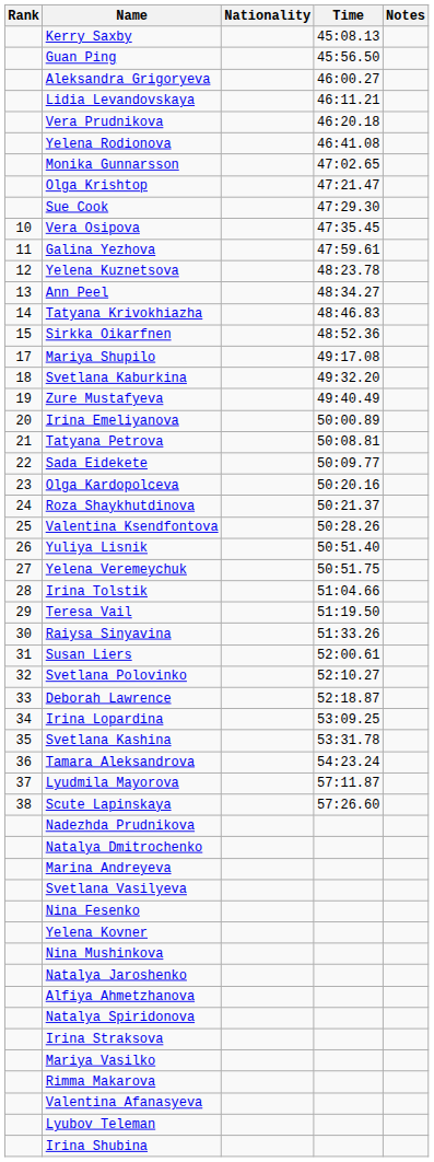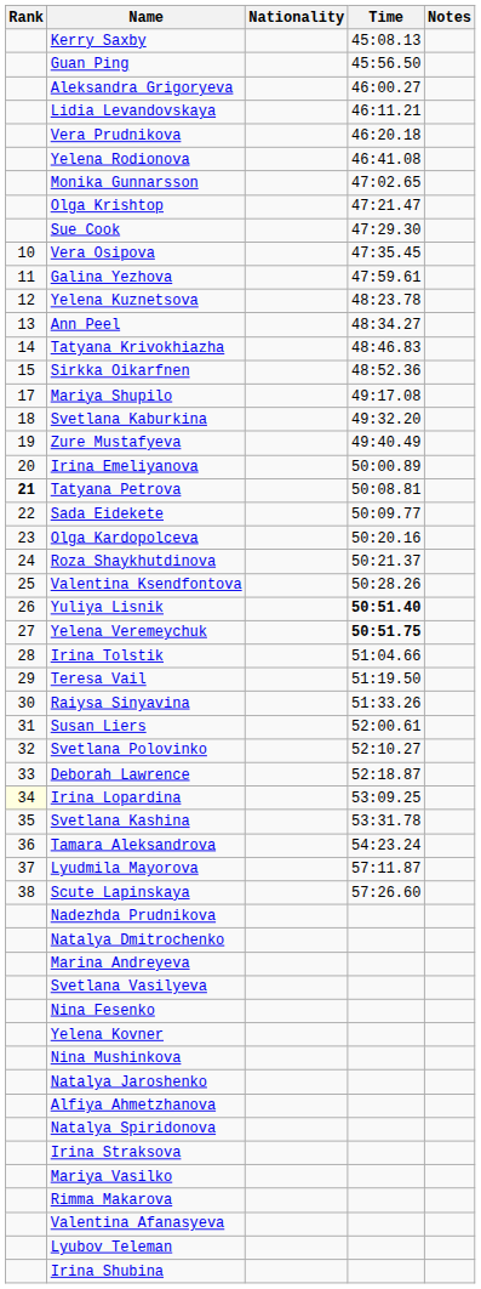 <table class="wikitable sortable" style="text-align:center">
 <tr>
 <th>Rank</th>
 <th>Name</th>
 <th>Nationality</th>
 <th>Time</th>
 <th>Notes</th>
 </tr>
 <tr>
 <td></td>
 <td align=left><a href='#'>Kerry Saxby</a></td>
 <td align=left></td>
 <td>45:08.13</td>
 <td></td>
 </tr>
 <tr>
 <td></td>
 <td align=left><a href='#'>Guan Ping</a></td>
 <td align=left></td>
 <td>45:56.50</td>
 <td></td>
 </tr>
 <tr>
 <td></td>
 <td align=left><a href='#'>Aleksandra Grigoryeva</a></td>
 <td align=left></td>
 <td>46:00.27</td>
 <td></td>
 </tr>
 <tr>
 <td></td>
 <td align=left><a href='#'>Lidia Levandovskaya</a></td>
 <td align=left></td>
 <td>46:11.21</td>
 <td></td>
 </tr>
 <tr>
 <td></td>
 <td align=left><a href='#'>Vera Prudnikova</a></td>
 <td align=left></td>
 <td>46:20.18</td>
 <td></td>
 </tr>
 <tr>
 <td></td>
 <td align=left><a href='#'>Yelena Rodionova</a></td>
 <td align=left></td>
 <td>46:41.08</td>
 <td></td>
 </tr>
 <tr>
 <td></td>
 <td align=left><a href='#'>Monika Gunnarsson</a></td>
 <td align=left></td>
 <td>47:02.65</td>
 <td></td>
 </tr>
 <tr>
 <td></td>
 <td align=left><a href='#'>Olga Krishtop</a></td>
 <td align=left></td>
 <td>47:21.47</td>
 <td></td>
 </tr>
 <tr>
 <td></td>
 <td align=left><a href='#'>Sue Cook</a></td>
 <td align=left></td>
 <td>47:29.30</td>
 <td></td>
 </tr>
 <tr>
 <td>10</td>
 <td align=left><a href='#'>Vera Osipova</a></td>
 <td align=left></td>
 <td>47:35.45</td>
 <td></td>
 </tr>
 <tr>
 <td>11</td>
 <td align=left><a href='#'>Galina Yezhova</a></td>
 <td align=left></td>
 <td>47:59.61</td>
 <td></td>
 </tr>
 <tr>
 <td>12</td>
 <td align=left><a href='#'>Yelena Kuznetsova</a></td>
 <td align=left></td>
 <td>48:23.78</td>
 <td></td>
 </tr>
 <tr>
 <td>13</td>
 <td align=left><a href='#'>Ann Peel</a></td>
 <td align=left></td>
 <td>48:34.27</td>
 <td></td>
 </tr>
 <tr>
 <td>14</td>
 <td align=left><a href='#'>Tatyana Krivokhiazha</a></td>
 <td align=left></td>
 <td>48:46.83</td>
 <td></td>
 </tr>
 <tr>
 <td>15</td>
 <td align=left><a href='#'>Sirkka Oikarfnen</a></td>
 <td align=left></td>
 <td>48:52.36</td>
 <td></td>
 </tr>
 <tr>
 <td>17</td>
 <td align=left><a href='#'>Mariya Shupilo</a></td>
 <td align=left></td>
 <td>49:17.08</td>
 <td></td>
 </tr>
 <tr>
 <td>18</td>
 <td align=left><a href='#'>Svetlana Kaburkina</a></td>
 <td align=left></td>
 <td>49:32.20</td>
 <td></td>
 </tr>
 <tr>
 <td>19</td>
 <td align=left><a href='#'>Zure Mustafyeva</a></td>
 <td align=left></td>
 <td>49:40.49</td>
 <td></td>
 </tr>
 <tr>
 <td>20</td>
 <td align=left><a href='#'>Irina Emeliyanova</a></td>
 <td align=left></td>
 <td>50:00.89</td>
 <td></td>
 </tr>
 <tr>
-<td>21</td>
+<td><strong>21</strong></td>
 <td align=left><a href='#'>Tatyana Petrova</a></td>
 <td align=left></td>
 <td>50:08.81</td>
 <td></td>
 </tr>
 <tr>
 <td>22</td>
 <td align=left><a href='#'>Sada Eidekete</a></td>
 <td align=left></td>
 <td>50:09.77</td>
 <td></td>
 </tr>
 <tr>
 <td>23</td>
 <td align=left><a href='#'>Olga Kardopolceva</a></td>
 <td align=left></td>
 <td>50:20.16</td>
 <td></td>
 </tr>
 <tr>
 <td>24</td>
 <td align=left><a href='#'>Roza Shaykhutdinova</a></td>
 <td align=left></td>
 <td>50:21.37</td>
 <td></td>
 </tr>
 <tr>
 <td>25</td>
 <td align=left><a href='#'>Valentina Ksendfontova</a></td>
 <td align=left></td>
 <td>50:28.26</td>
 <td></td>
 </tr>
 <tr>
 <td>26</td>
 <td align=left><a href='#'>Yuliya Lisnik</a></td>
 <td align=left></td>
-<td>50:51.40</td>
+<td><strong>50:51.40</strong></td>
 <td></td>
 </tr>
 <tr>
 <td>27</td>
 <td align=left><a href='#'>Yelena Veremeychuk</a></td>
 <td align=left></td>
-<td>50:51.75</td>
+<td><strong>50:51.75</strong></td>
 <td></td>
 </tr>
 <tr>
 <td>28</td>
 <td align=left><a href='#'>Irina Tolstik</a></td>
 <td align=left></td>
 <td>51:04.66</td>
 <td></td>
 </tr>
 <tr>
 <td>29</td>
 <td align=left><a href='#'>Teresa Vail</a></td>
 <td align=left></td>
 <td>51:19.50</td>
 <td></td>
 </tr>
 <tr>
 <td>30</td>
 <td align=left><a href='#'>Raiysa Sinyavina</a></td>
 <td align=left></td>
 <td>51:33.26</td>
 <td></td>
 </tr>
 <tr>
 <td>31</td>
 <td align=left><a href='#'>Susan Liers</a></td>
 <td align=left></td>
 <td>52:00.61</td>
 <td></td>
 </tr>
 <tr>
 <td>32</td>
 <td align=left><a href='#'>Svetlana Polovinko</a></td>
 <td align=left></td>
 <td>52:10.27</td>
 <td></td>
 </tr>
 <tr>
 <td>33</td>
 <td align=left><a href='#'>Deborah Lawrence</a></td>
 <td align=left></td>
 <td>52:18.87</td>
 <td></td>
 </tr>
 <tr>
-<td>34</td>
+<td style="background: lightyellow;">34</td>
 <td align=left><a href='#'>Irina Lopardina</a></td>
 <td align=left></td>
 <td>53:09.25</td>
 <td></td>
 </tr>
 <tr>
 <td>35</td>
 <td align=left><a href='#'>Svetlana Kashina</a></td>
 <td align=left></td>
 <td>53:31.78</td>
 <td></td>
 </tr>
 <tr>
 <td>36</td>
 <td align=left><a href='#'>Tamara Aleksandrova</a></td>
 <td align=left></td>
 <td>54:23.24</td>
 <td></td>
 </tr>
 <tr>
 <td>37</td>
 <td align=left><a href='#'>Lyudmila Mayorova</a></td>
 <td align=left></td>
 <td>57:11.87</td>
 <td></td>
 </tr>
 <tr>
 <td>38</td>
 <td align=left><a href='#'>Scute Lapinskaya</a></td>
 <td align=left></td>
 <td>57:26.60</td>
 <td></td>
 </tr>
 <tr>
 <td></td>
 <td align=left><a href='#'>Nadezhda Prudnikova</a></td>
 <td align=left></td>
 <td></td>
 <td></td>
 </tr>
 <tr>
 <td></td>
 <td align=left><a href='#'>Natalya Dmitrochenko</a></td>
 <td align=left></td>
 <td></td>
 <td></td>
 </tr>
 <tr>
 <td></td>
 <td align=left><a href='#'>Marina Andreyeva</a></td>
 <td align=left></td>
 <td></td>
 <td></td>
 </tr>
 <tr>
 <td></td>
 <td align=left><a href='#'>Svetlana Vasilyeva</a></td>
 <td align=left></td>
 <td></td>
 <td></td>
 </tr>
 <tr>
 <td></td>
 <td align=left><a href='#'>Nina Fesenko</a></td>
 <td align=left></td>
 <td></td>
 <td></td>
 </tr>
 <tr>
 <td></td>
 <td align=left><a href='#'>Yelena Kovner</a></td>
 <td align=left></td>
 <td></td>
 <td></td>
 </tr>
 <tr>
 <td></td>
 <td align=left><a href='#'>Nina Mushinkova</a></td>
 <td align=left></td>
 <td></td>
 <td></td>
 </tr>
 <tr>
 <td></td>
 <td align=left><a href='#'>Natalya Jaroshenko</a></td>
 <td align=left></td>
 <td></td>
 <td></td>
 </tr>
 <tr>
 <td></td>
 <td align=left><a href='#'>Alfiya Ahmetzhanova</a></td>
 <td align=left></td>
 <td></td>
 <td></td>
 </tr>
 <tr>
 <td></td>
 <td align=left><a href='#'>Natalya Spiridonova</a></td>
 <td align=left></td>
 <td></td>
 <td></td>
 </tr>
 <tr>
 <td></td>
 <td align=left><a href='#'>Irina Straksova</a></td>
 <td align=left></td>
 <td></td>
 <td></td>
 </tr>
 <tr>
 <td></td>
 <td align=left><a href='#'>Mariya Vasilko</a></td>
 <td align=left></td>
 <td></td>
 <td></td>
 </tr>
 <tr>
 <td></td>
 <td align=left><a href='#'>Rimma Makarova</a></td>
 <td align=left></td>
 <td></td>
 <td></td>
 </tr>
 <tr>
 <td></td>
 <td align=left><a href='#'>Valentina Afanasyeva</a></td>
 <td align=left></td>
 <td></td>
 <td></td>
 </tr>
 <tr>
 <td></td>
 <td align=left><a href='#'>Lyubov Teleman</a></td>
 <td align=left></td>
 <td></td>
 <td></td>
 </tr>
 <tr>
 <td></td>
 <td align=left><a href='#'>Irina Shubina</a></td>
 <td align=left></td>
 <td></td>
 <td></td>
 </tr>
 </table>
